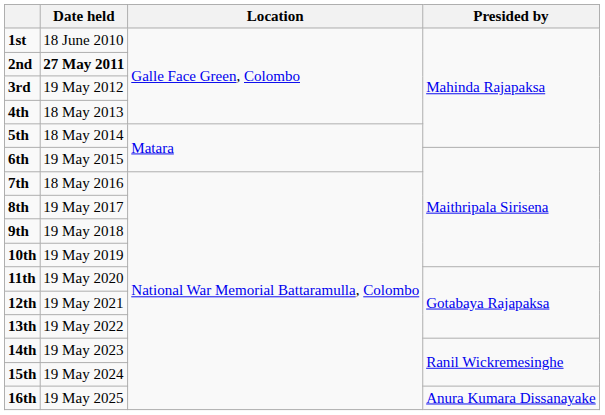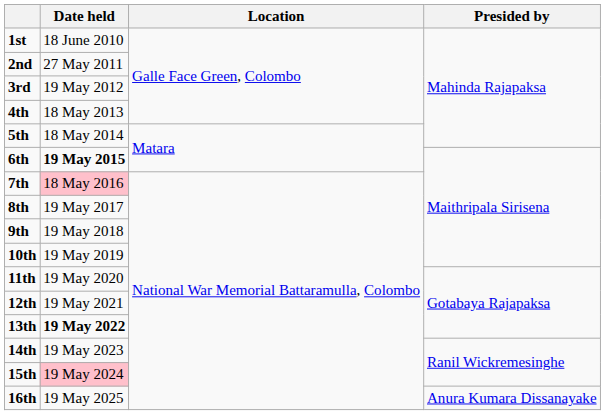 <table class="wikitable sortable">
 <tr>
 <th></th>
 <th>Date held</th>
 <th>Location</th>
 <th>Presided by</th>
 </tr>
 <tr>
 <td><strong>1st</strong></td>
 <td>18 June 2010</td>
 <td rowspan="4"><a href='#'>Galle Face Green</a>, <a href='#'>Colombo</a></td>
 <td rowspan="5"><a href='#'>Mahinda Rajapaksa</a></td>
 </tr>
 <tr>
 <td><strong>2nd</strong></td>
-<td><strong>27 May 2011</strong></td>
+<td>27 May 2011</td>
 </tr>
 <tr>
 <td><strong>3rd</strong></td>
 <td>19 May 2012</td>
 </tr>
 <tr>
 <td><strong>4th</strong></td>
 <td>18 May 2013</td>
 </tr>
 <tr>
 <td><strong>5th</strong></td>
 <td>18 May 2014</td>
 <td rowspan="2"><a href='#'>Matara</a></td>
 </tr>
 <tr>
 <td><strong>6th</strong></td>
-<td>19 May 2015</td>
+<td><strong>19 May 2015</strong></td>
 <td rowspan="5"><a href='#'>Maithripala Sirisena</a></td>
 </tr>
 <tr>
 <td><strong>7th</strong></td>
-<td>18 May 2016</td>
+<td style="background: pink;">18 May 2016</td>
 <td rowspan="10"><a href='#'>National War Memorial Battaramulla</a>, <a href='#'>Colombo</a></td>
 </tr>
 <tr>
 <td><strong>8th</strong></td>
 <td>19 May 2017</td>
 </tr>
 <tr>
 <td><strong>9th</strong></td>
 <td>19 May 2018</td>
 </tr>
 <tr>
 <td><strong>10th</strong></td>
 <td>19 May 2019</td>
 </tr>
 <tr>
 <td><strong>11th</strong></td>
 <td>19 May 2020</td>
 <td rowspan="3"><a href='#'>Gotabaya Rajapaksa</a></td>
 </tr>
 <tr>
 <td><strong>12th</strong></td>
 <td>19 May 2021</td>
 </tr>
 <tr>
 <td><strong>13th</strong></td>
-<td>19 May 2022</td>
+<td><strong>19 May 2022</strong></td>
 </tr>
 <tr>
 <td><strong>14th</strong></td>
 <td>19 May 2023</td>
 <td rowspan="2"><a href='#'>Ranil Wickremesinghe</a></td>
 </tr>
 <tr>
 <td><strong>15th</strong></td>
-<td>19 May 2024</td>
+<td style="background: pink;">19 May 2024</td>
 </tr>
 <tr>
 <td><strong>16th</strong></td>
 <td>19 May 2025</td>
 <td rowspan="4"><a href='#'>Anura Kumara Dissanayake</a></td>
 </tr>
 </table>
